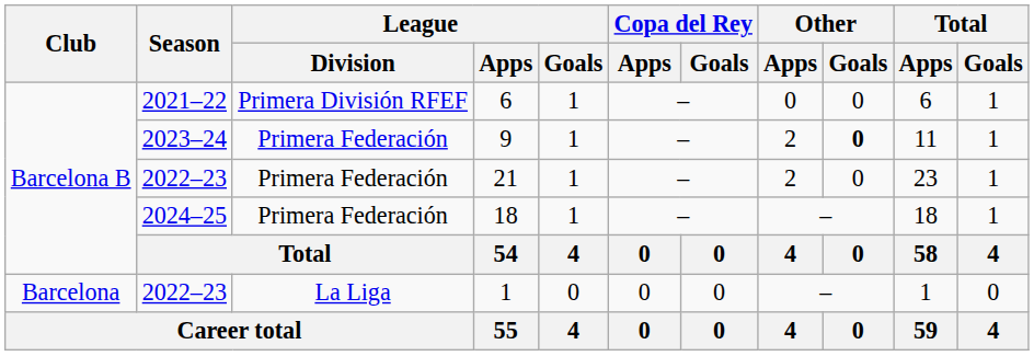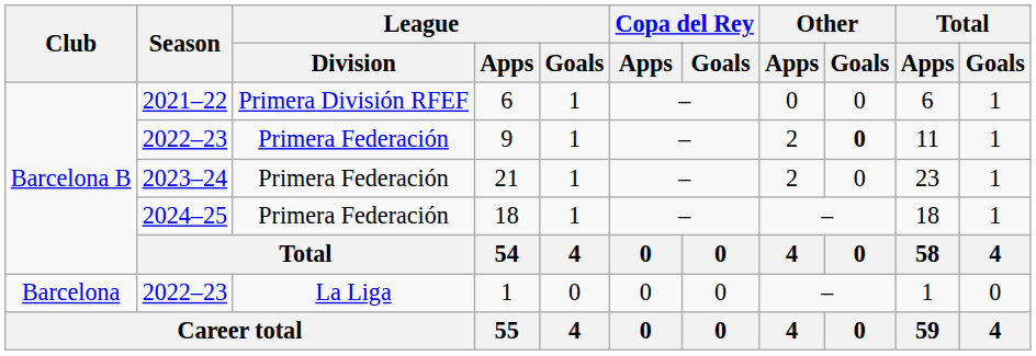 <table class="wikitable" style="text-align:center">
 <tr>
 <th rowspan=2>Club</th>
 <th rowspan=2>Season</th>
 <th colspan=3>League</th>
 <th colspan=2><a href='#'>Copa del Rey</a></th>
 <th colspan=2>Other</th>
 <th colspan=2>Total</th>
 </tr>
 <tr>
 <th>Division</th>
 <th>Apps</th>
 <th>Goals</th>
 <th>Apps</th>
 <th>Goals</th>
 <th>Apps</th>
 <th>Goals</th>
 <th>Apps</th>
 <th>Goals</th>
 </tr>
 <tr>
 <td rowspan="5"><a href='#'>Barcelona B</a></td>
 <td><a href='#'>2021–22</a></td>
 <td><a href='#'>Primera División RFEF</a></td>
 <td>6</td>
 <td>1</td>
 <td colspan="2">–</td>
 <td>0</td>
 <td>0</td>
 <td>6</td>
 <td>1</td>
 </tr>
 <tr>
-<td><a href='#'>2023–24</a></td>
+<td><a href='#'>2022–23</a></td>
 <td><a href='#'>Primera Federación</a></td>
 <td>9</td>
 <td>1</td>
 <td colspan="2">–</td>
 <td>2</td>
 <td><strong>0</strong></td>
 <td>11</td>
 <td>1</td>
 </tr>
 <tr>
-<td><a href='#'>2022–23</a></td>
+<td><a href='#'>2023–24</a></td>
 <td>Primera Federación</td>
 <td>21</td>
 <td>1</td>
 <td colspan="2">–</td>
 <td>2</td>
 <td>0</td>
 <td>23</td>
 <td>1</td>
 </tr>
 <tr>
 <td><a href='#'>2024–25</a></td>
 <td>Primera Federación</td>
 <td>18</td>
 <td>1</td>
 <td colspan="2">–</td>
 <td colspan="2">–</td>
 <td>18</td>
 <td>1</td>
 </tr>
 <tr>
 <th colspan=2>Total</th>
 <th>54</th>
 <th>4</th>
 <th>0</th>
 <th>0</th>
 <th>4</th>
 <th>0</th>
 <th>58</th>
 <th>4</th>
 </tr>
 <tr>
 <td><a href='#'>Barcelona</a></td>
 <td><a href='#'>2022–23</a></td>
 <td><a href='#'>La Liga</a></td>
 <td>1</td>
 <td>0</td>
 <td>0</td>
 <td>0</td>
 <td colspan="2">–</td>
 <td>1</td>
 <td>0</td>
 </tr>
 <tr>
 <th colspan=3>Career total</th>
 <th>55</th>
 <th>4</th>
 <th>0</th>
 <th>0</th>
 <th>4</th>
 <th>0</th>
 <th>59</th>
 <th>4</th>
 </tr>
 </table>
